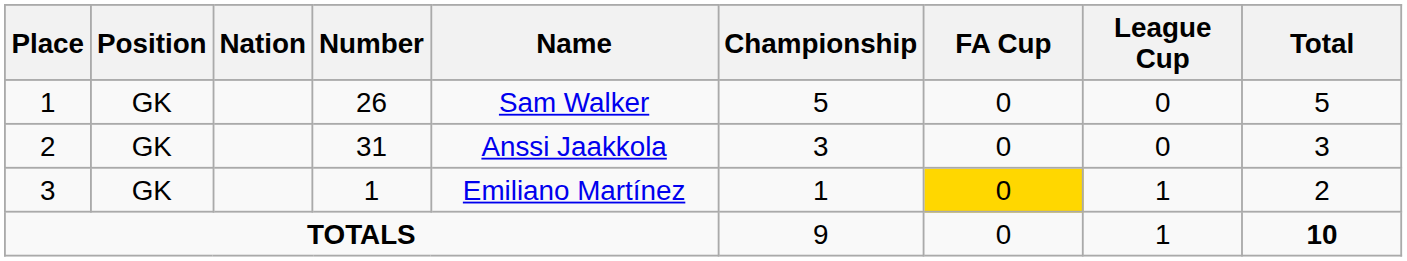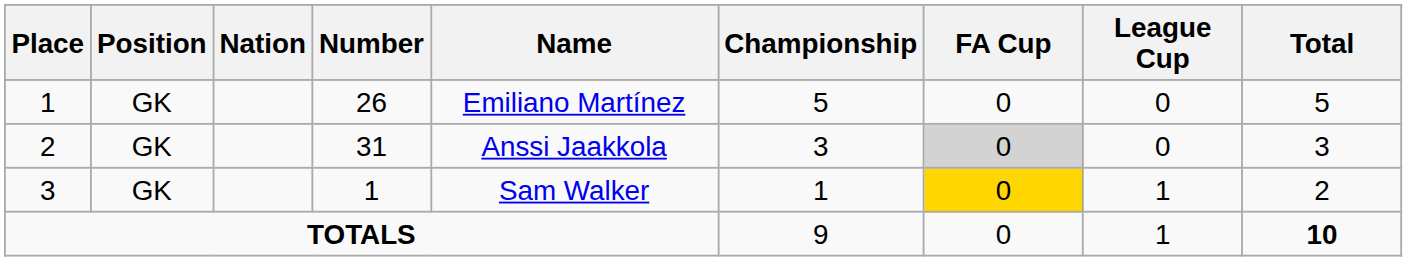 <table class="wikitable" style="font-size: 95%; text-align: center;">
 <tr>
 <th width=20>Place</th>
 <th width=20>Position</th>
 <th width=20>Nation</th>
 <th width=20>Number</th>
 <th width=150>Name</th>
 <th width=80>Championship</th>
 <th width=80>FA Cup</th>
 <th width=80>League Cup</th>
 <th width=80><strong>Total</strong></th>
 </tr>
 <tr>
 <td>1</td>
 <td>GK</td>
 <td></td>
 <td>26</td>
-<td><a href='#'>Sam Walker</a></td>
+<td><a href='#'>Emiliano Martínez</a></td>
 <td>5</td>
 <td>0</td>
 <td>0</td>
 <td>5</td>
 </tr>
 <tr>
 <td>2</td>
 <td>GK</td>
 <td></td>
 <td>31</td>
 <td><a href='#'>Anssi Jaakkola</a></td>
 <td>3</td>
-<td>0</td>
+<td style="background: lightgrey;">0</td>
 <td>0</td>
 <td>3</td>
 </tr>
 <tr>
 <td>3</td>
 <td>GK</td>
 <td></td>
 <td>1</td>
-<td><a href='#'>Emiliano Martínez</a></td>
+<td><a href='#'>Sam Walker</a></td>
 <td>1</td>
 <td style="background: gold;">0</td>
 <td>1</td>
 <td>2</td>
 </tr>
 <tr>
 <td colspan="5"><strong>TOTALS</strong></td>
 <td>9</td>
 <td>0</td>
 <td>1</td>
 <td><strong>10</strong></td>
 </tr>
 </table>
